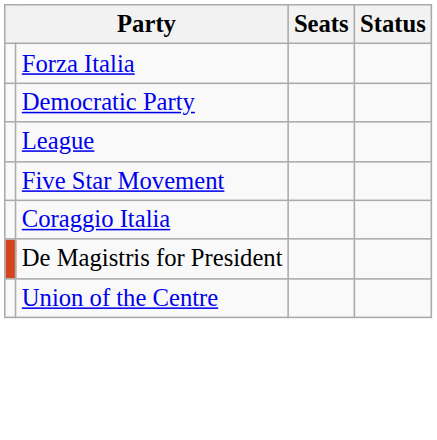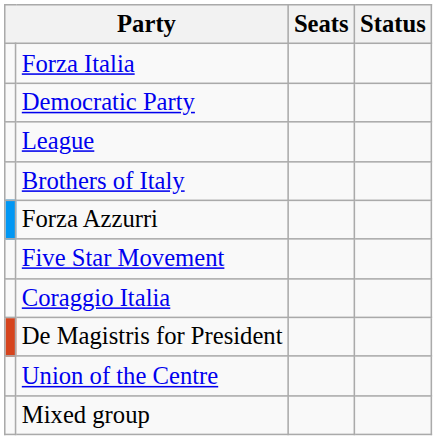 <table class="wikitable">
 <tr>
 <th colspan="2">Party</th>
 <th>Seats</th>
 <th>Status</th>
 </tr>
 <tr>
 <td style="color:inherit;background:"></td>
 <td><a href='#'>Forza Italia</a></td>
 <td></td>
 <td></td>
 </tr>
 <tr>
 <td style="color:inherit;background:"></td>
 <td><a href='#'>Democratic Party</a></td>
 <td></td>
 <td></td>
 </tr>
 <tr>
 <td style="color:inherit;background:"></td>
 <td><a href='#'>League</a></td>
+<td></td>
+<td></td>
+</tr>
+<tr>
+<td style="color:inherit;background:"></td>
+<td><a href='#'>Brothers of Italy</a></td>
+<td></td>
+<td></td>
+</tr>
+<tr>
+<td style="color:inherit;background:#0097F4"></td>
+<td>Forza Azzurri</td>
 <td></td>
 <td></td>
 </tr>
 <tr>
 <td style="color:inherit;background:"></td>
 <td><a href='#'>Five Star Movement</a></td>
 <td></td>
 <td></td>
 </tr>
 <tr>
 <td style="color:inherit;background:"></td>
 <td><a href='#'>Coraggio Italia</a></td>
 <td></td>
 <td></td>
 </tr>
 <tr>
 <td style="color:inherit;background:#d6441d"></td>
 <td>De Magistris for President</td>
 <td></td>
 <td></td>
 </tr>
 <tr>
 <td style="color:inherit;background:"></td>
 <td><a href='#'>Union of the Centre</a></td>
 <td></td>
 <td></td>
 </tr>
+<tr>
+<td style="color:inherit;background:"></td>
+<td>Mixed group</td>
+<td></td>
+<td></td>
+</tr>
 </table>
